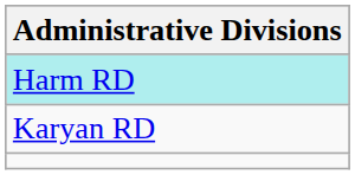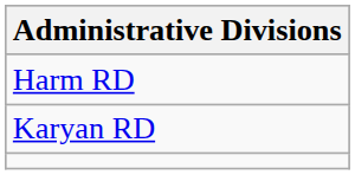 <table class="wikitable">
 <tr>
 <th>Administrative Divisions</th>
 </tr>
 <tr>
-<td style="background: paleturquoise;"><a href='#'>Harm RD</a></td>
+<td><a href='#'>Harm RD</a></td>
 </tr>
 <tr>
 <td><a href='#'>Karyan RD</a></td>
 </tr>
 <tr>
 <td colspan=1></td>
 </tr>
 </table>
